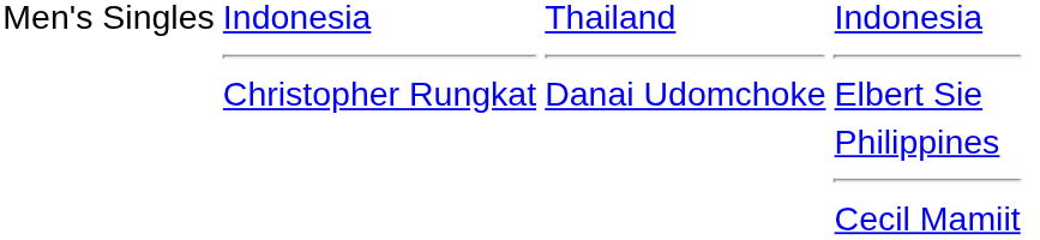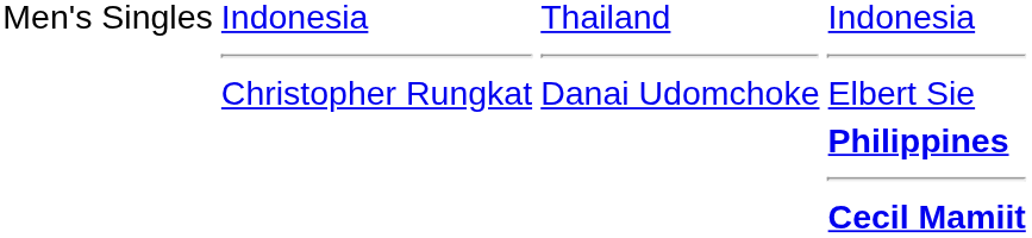 <table>
 <tr style="vertical-align:top">
 <td rowspan=2>Men's Singles</td>
 <td rowspan=2> <a href='#'>Indonesia</a>  <hr> <a href='#'>Christopher Rungkat</a></td>
 <td rowspan=2> <a href='#'>Thailand</a> <hr> <a href='#'>Danai Udomchoke</a></td>
 <td> <a href='#'>Indonesia</a> <hr> <a href='#'>Elbert Sie</a></td>
 </tr>
 <tr>
-<td> <a href='#'>Philippines</a> <hr> <a href='#'>Cecil Mamiit</a></td>
+<td><strong> <a href='#'>Philippines</a> <hr> <a href='#'>Cecil Mamiit</a></strong></td>
 </tr>
 <tr>
 </tr>
 </table>
